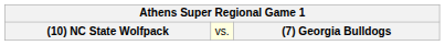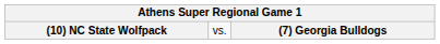 <table class="wikitable">
 <tr>
 <th style="width: 604px;" colspan=3>Athens Super Regional Game 1</th>
 </tr>
 <tr>
 <th style="width: 289px; ">(10) NC State Wolfpack</th>
-<td style="background: lightyellow; width: 25px; text-align:center">vs.</td>
+<td style="width: 25px; text-align:center">vs.</td>
 <th style="width: 289px; ">(7) Georgia Bulldogs</th>
 </tr>
 </table>
